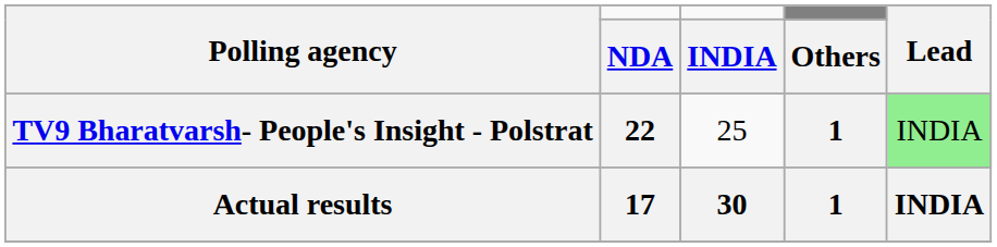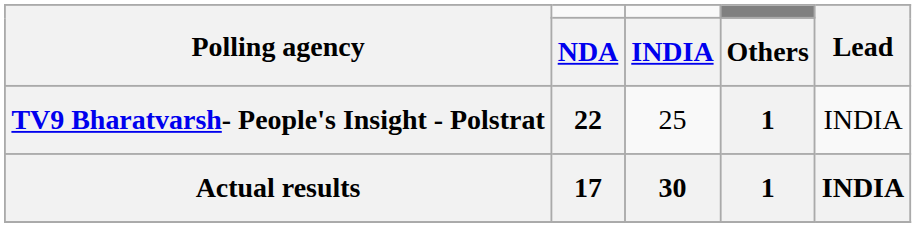 <table class="wikitable" style="text-align:center;font-size:95%;line-height:30px;">
 <tr>
 <th rowspan="2" class="wikitable">Polling agency</th>
 <td></td>
 <td></td>
 <td style="background:grey;"></td>
 <th rowspan="2">Lead</th>
 </tr>
 <tr>
 <th class="wikitable"><a href='#'>NDA</a></th>
 <th class="wikitable"><a href='#'>INDIA</a></th>
 <th class="wikitable">Others</th>
 </tr>
 <tr>
 <th><a href='#'>TV9 Bharatvarsh</a>- People's Insight - Polstrat</th>
 <th>22</th>
 <td>25</td>
 <th>1</th>
-<td style="background: lightgreen;">INDIA</td>
+<td>INDIA</td>
 </tr>
 <tr>
 <th>Actual results</th>
 <th>17</th>
 <th style="background:"><strong>30</strong></th>
 <th>1</th>
 <th style="background:"><strong>INDIA</strong></th>
 </tr>
 <tr>
 </tr>
 </table>
